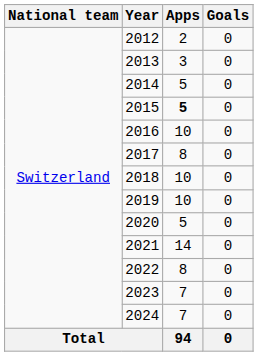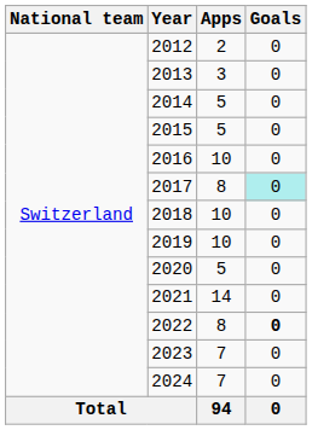 <table class="wikitable" style="text-align:center">
 <tr>
 <th>National team</th>
 <th>Year</th>
 <th>Apps</th>
 <th>Goals</th>
 </tr>
 <tr>
 <td rowspan="13"><a href='#'>Switzerland</a></td>
 <td>2012</td>
 <td>2</td>
 <td>0</td>
 </tr>
 <tr>
 <td>2013</td>
 <td>3</td>
 <td>0</td>
 </tr>
 <tr>
 <td>2014</td>
 <td>5</td>
 <td>0</td>
 </tr>
 <tr>
 <td>2015</td>
-<td><strong>5</strong></td>
+<td>5</td>
 <td>0</td>
 </tr>
 <tr>
 <td>2016</td>
 <td>10</td>
 <td>0</td>
 </tr>
 <tr>
 <td>2017</td>
 <td>8</td>
-<td>0</td>
+<td style="background: paleturquoise;">0</td>
 </tr>
 <tr>
 <td>2018</td>
 <td>10</td>
 <td>0</td>
 </tr>
 <tr>
 <td>2019</td>
 <td>10</td>
 <td>0</td>
 </tr>
 <tr>
 <td>2020</td>
 <td>5</td>
 <td>0</td>
 </tr>
 <tr>
 <td>2021</td>
 <td>14</td>
 <td>0</td>
 </tr>
 <tr>
 <td>2022</td>
 <td>8</td>
-<td>0</td>
+<td><strong>0</strong></td>
 </tr>
 <tr>
 <td>2023</td>
 <td>7</td>
 <td>0</td>
 </tr>
 <tr>
 <td>2024</td>
 <td>7</td>
 <td>0</td>
 </tr>
 <tr>
 <th colspan="2">Total</th>
 <th>94</th>
 <th>0</th>
 </tr>
 </table>
